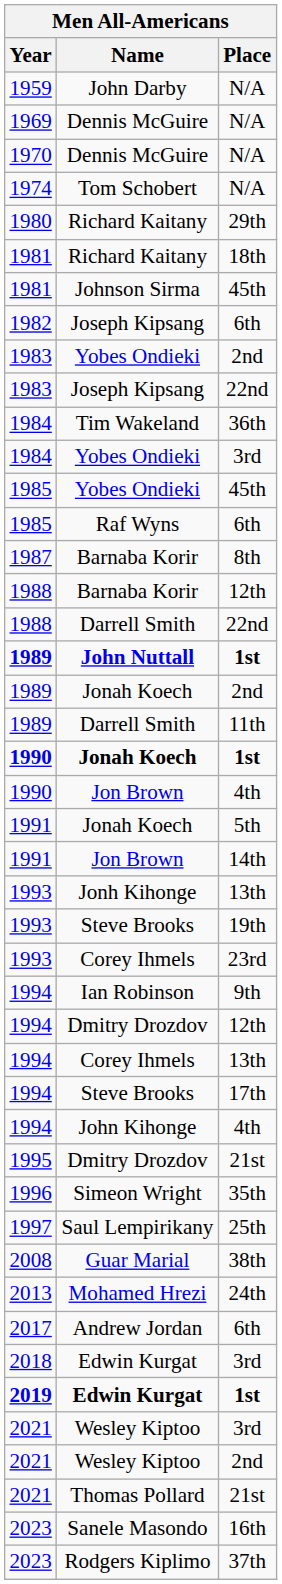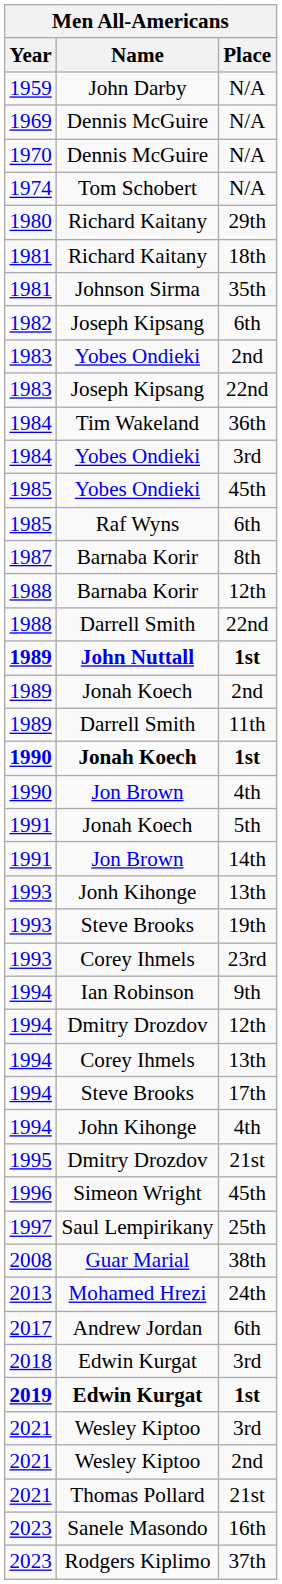 <table class="wikitable">
 <tr>
 <th colspan="3">Men All-Americans</th>
 </tr>
 <tr>
 <th scope="col">Year</th>
 <th scope="col">Name</th>
 <th scope="col">Place</th>
 </tr>
 <tr>
 <td><a href='#'>1959</a></td>
 <td style="text-align: center;">John Darby</td>
 <td style="text-align: center;">N/A</td>
 </tr>
 <tr>
 <td><a href='#'>1969</a></td>
 <td style="text-align: center;">Dennis McGuire</td>
 <td style="text-align: center;">N/A</td>
 </tr>
 <tr>
 <td><a href='#'>1970</a></td>
 <td style="text-align: center;">Dennis McGuire</td>
 <td style="text-align: center;">N/A</td>
 </tr>
 <tr>
 <td><a href='#'>1974</a></td>
 <td style="text-align: center;">Tom Schobert</td>
 <td style="text-align: center;">N/A</td>
 </tr>
 <tr>
 <td><a href='#'>1980</a></td>
 <td style="text-align: center;">Richard Kaitany</td>
 <td style="text-align: center;">29th</td>
 </tr>
 <tr>
 <td><a href='#'>1981</a></td>
 <td style="text-align: center;">Richard Kaitany</td>
 <td style="text-align: center;">18th</td>
 </tr>
 <tr>
 <td><a href='#'>1981</a></td>
 <td style="text-align: center;">Johnson Sirma</td>
-<td style="text-align: center;">45th</td>
+<td style="text-align: center;">35th</td>
 </tr>
 <tr>
 <td><a href='#'>1982</a></td>
 <td style="text-align: center;">Joseph Kipsang</td>
 <td style="text-align: center;">6th</td>
 </tr>
 <tr>
 <td><a href='#'>1983</a></td>
 <td style="text-align: center;"><a href='#'>Yobes Ondieki</a></td>
 <td style="text-align: center;">2nd</td>
 </tr>
 <tr>
 <td><a href='#'>1983</a></td>
 <td style="text-align: center;">Joseph Kipsang</td>
 <td style="text-align: center;">22nd</td>
 </tr>
 <tr>
 <td><a href='#'>1984</a></td>
 <td style="text-align: center;">Tim Wakeland</td>
 <td style="text-align: center;">36th</td>
 </tr>
 <tr>
 <td><a href='#'>1984</a></td>
 <td style="text-align: center;"><a href='#'>Yobes Ondieki</a></td>
 <td style="text-align: center;">3rd</td>
 </tr>
 <tr>
 <td><a href='#'>1985</a></td>
 <td style="text-align: center;"><a href='#'>Yobes Ondieki</a></td>
 <td style="text-align: center;">45th</td>
 </tr>
 <tr>
 <td><a href='#'>1985</a></td>
 <td style="text-align: center;">Raf Wyns</td>
 <td style="text-align: center;">6th</td>
 </tr>
 <tr>
 <td><a href='#'>1987</a></td>
 <td style="text-align: center;">Barnaba Korir</td>
 <td style="text-align: center;">8th</td>
 </tr>
 <tr>
 <td><a href='#'>1988</a></td>
 <td style="text-align: center;">Barnaba Korir</td>
 <td style="text-align: center;">12th</td>
 </tr>
 <tr>
 <td><a href='#'>1988</a></td>
 <td style="text-align: center;">Darrell Smith</td>
 <td style="text-align: center;">22nd</td>
 </tr>
 <tr>
 <td><strong><a href='#'>1989</a></strong></td>
 <td style="text-align: center;"><strong><a href='#'>John Nuttall</a></strong></td>
 <td style="text-align: center;"><strong>1st</strong></td>
 </tr>
 <tr>
 <td><a href='#'>1989</a></td>
 <td style="text-align: center;">Jonah Koech</td>
 <td style="text-align: center;">2nd</td>
 </tr>
 <tr>
 <td><a href='#'>1989</a></td>
 <td style="text-align: center;">Darrell Smith</td>
 <td style="text-align: center;">11th</td>
 </tr>
 <tr>
 <td><strong><a href='#'>1990</a></strong></td>
 <td style="text-align: center;"><strong>Jonah Koech</strong></td>
 <td style="text-align: center;"><strong>1st</strong></td>
 </tr>
 <tr>
 <td><a href='#'>1990</a></td>
 <td style="text-align: center;"><a href='#'>Jon Brown</a></td>
 <td style="text-align: center;">4th</td>
 </tr>
 <tr>
 <td><a href='#'>1991</a></td>
 <td style="text-align: center;">Jonah Koech</td>
 <td style="text-align: center;">5th</td>
 </tr>
 <tr>
 <td><a href='#'>1991</a></td>
 <td style="text-align: center;"><a href='#'>Jon Brown</a></td>
 <td style="text-align: center;">14th</td>
 </tr>
 <tr>
 <td><a href='#'>1993</a></td>
 <td style="text-align: center;">Jonh Kihonge</td>
 <td style="text-align: center;">13th</td>
 </tr>
 <tr>
 <td><a href='#'>1993</a></td>
 <td style="text-align: center;">Steve Brooks</td>
 <td style="text-align: center;">19th</td>
 </tr>
 <tr>
 <td><a href='#'>1993</a></td>
 <td style="text-align: center;">Corey Ihmels</td>
 <td style="text-align: center;">23rd</td>
 </tr>
 <tr>
 <td><a href='#'>1994</a></td>
 <td style="text-align: center;">Ian Robinson</td>
 <td style="text-align: center;">9th</td>
 </tr>
 <tr>
 <td><a href='#'>1994</a></td>
 <td style="text-align: center;">Dmitry Drozdov</td>
 <td style="text-align: center;">12th</td>
 </tr>
 <tr>
 <td><a href='#'>1994</a></td>
 <td style="text-align: center;">Corey Ihmels</td>
 <td style="text-align: center;">13th</td>
 </tr>
 <tr>
 <td><a href='#'>1994</a></td>
 <td style="text-align: center;">Steve Brooks</td>
 <td style="text-align: center;">17th</td>
 </tr>
 <tr>
 <td><a href='#'>1994</a></td>
 <td style="text-align: center;">John Kihonge</td>
 <td style="text-align: center;">4th</td>
 </tr>
 <tr>
 <td><a href='#'>1995</a></td>
 <td style="text-align: center;">Dmitry Drozdov</td>
 <td style="text-align: center;">21st</td>
 </tr>
 <tr>
 <td><a href='#'>1996</a></td>
 <td style="text-align: center;">Simeon Wright</td>
-<td style="text-align: center;">35th</td>
+<td style="text-align: center;">45th</td>
 </tr>
 <tr>
 <td><a href='#'>1997</a></td>
 <td style="text-align: center;">Saul Lempirikany</td>
 <td style="text-align: center;">25th</td>
 </tr>
 <tr>
 <td><a href='#'>2008</a></td>
 <td style="text-align: center;"><a href='#'>Guar Marial</a></td>
 <td style="text-align: center;">38th</td>
 </tr>
 <tr>
 <td><a href='#'>2013</a></td>
 <td style="text-align: center;"><a href='#'>Mohamed Hrezi</a></td>
 <td style="text-align: center;">24th</td>
 </tr>
 <tr>
 <td><a href='#'>2017</a></td>
 <td style="text-align: center;">Andrew Jordan</td>
 <td style="text-align: center;">6th</td>
 </tr>
 <tr>
 <td><a href='#'>2018</a></td>
 <td style="text-align: center;">Edwin Kurgat</td>
 <td style="text-align: center;">3rd</td>
 </tr>
 <tr>
 <td><strong><a href='#'>2019</a></strong></td>
 <td style="text-align: center;"><strong>Edwin Kurgat</strong></td>
 <td style="text-align: center;"><strong>1st</strong></td>
 </tr>
 <tr>
 <td><a href='#'>2021</a></td>
 <td style="text-align: center;">Wesley Kiptoo</td>
 <td style="text-align: center;">3rd</td>
 </tr>
 <tr>
 <td><a href='#'>2021</a></td>
 <td style="text-align: center;">Wesley Kiptoo</td>
 <td style="text-align: center;">2nd</td>
 </tr>
 <tr>
 <td><a href='#'>2021</a></td>
 <td style="text-align: center;">Thomas Pollard</td>
 <td style="text-align: center;">21st</td>
 </tr>
 <tr>
 <td><a href='#'>2023</a></td>
 <td style="text-align: center;">Sanele Masondo</td>
 <td style="text-align: center;">16th</td>
 </tr>
 <tr>
 <td><a href='#'>2023</a></td>
 <td style="text-align: center;">Rodgers Kiplimo</td>
 <td style="text-align: center;">37th</td>
 </tr>
 <tr>
 </tr>
 </table>
